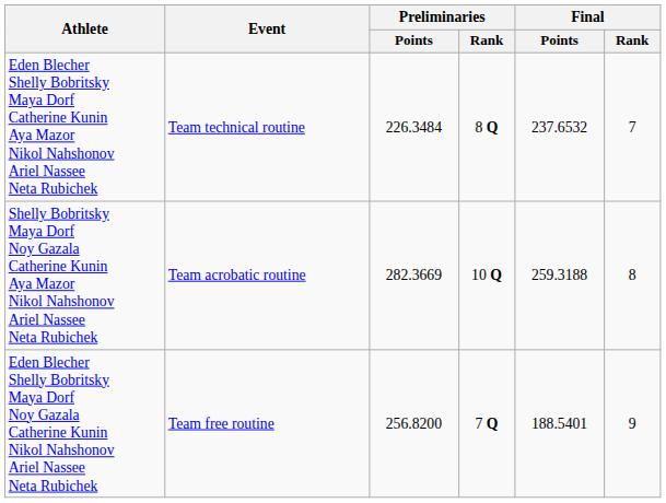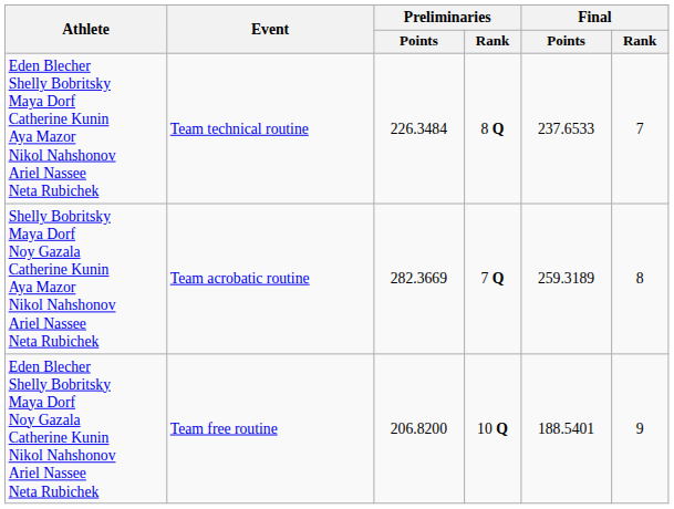 <table class="wikitable" style="text-align:center; font-size:90%; width:50%;">
 <tr>
 <th rowspan="2">Athlete</th>
 <th rowspan="2">Event</th>
 <th colspan="2">Preliminaries</th>
 <th colspan="2">Final</th>
 </tr>
 <tr style="font-size:95%">
 <th>Points</th>
 <th>Rank</th>
 <th>Points</th>
 <th>Rank</th>
 </tr>
 <tr>
 <td align=left><a href='#'>Eden Blecher</a><br><a href='#'>Shelly Bobritsky</a><br><a href='#'>Maya Dorf</a><br><a href='#'>Catherine Kunin</a><br><a href='#'>Aya Mazor</a><br><a href='#'>Nikol Nahshonov</a><br><a href='#'>Ariel Nassee</a><br><a href='#'>Neta Rubichek</a></td>
 <td align=left><a href='#'>Team technical routine</a></td>
 <td>226.3484</td>
 <td>8 <strong>Q</strong></td>
-<td>237.6532</td>
+<td>237.6533</td>
 <td>7</td>
 </tr>
 <tr>
 <td align=left><a href='#'>Shelly Bobritsky</a><br><a href='#'>Maya Dorf</a><br><a href='#'>Noy Gazala</a><br><a href='#'>Catherine Kunin</a><br><a href='#'>Aya Mazor</a><br><a href='#'>Nikol Nahshonov</a><br><a href='#'>Ariel Nassee</a><br><a href='#'>Neta Rubichek</a></td>
 <td align=left><a href='#'>Team acrobatic routine</a></td>
 <td>282.3669</td>
-<td>10 <strong>Q</strong></td>
-<td>259.3188</td>
+<td>7 <strong>Q</strong></td>
+<td>259.3189</td>
 <td>8</td>
 </tr>
 <tr>
 <td align=left><a href='#'>Eden Blecher</a><br><a href='#'>Shelly Bobritsky</a><br><a href='#'>Maya Dorf</a><br><a href='#'>Noy Gazala</a><br><a href='#'>Catherine Kunin</a><br><a href='#'>Nikol Nahshonov</a><br><a href='#'>Ariel Nassee</a><br><a href='#'>Neta Rubichek</a></td>
 <td align=left><a href='#'>Team free routine</a></td>
-<td>256.8200</td>
-<td>7 <strong>Q</strong></td>
+<td>206.8200</td>
+<td>10 <strong>Q</strong></td>
 <td>188.5401</td>
 <td>9</td>
 </tr>
 </table>
